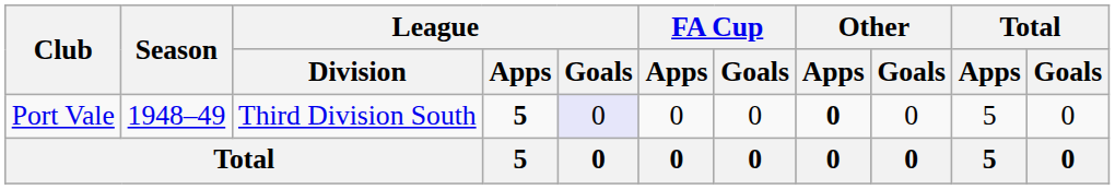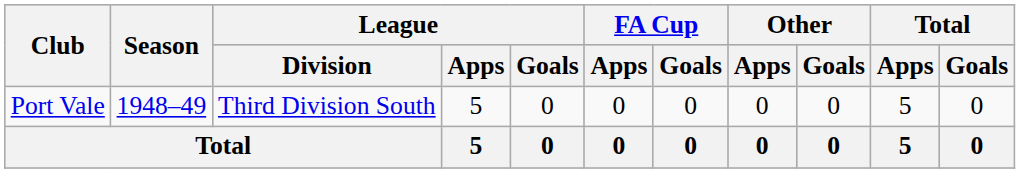 <table class="wikitable" style="text-align:center">
 <tr>
 <th rowspan="2">Club</th>
 <th rowspan="2">Season</th>
 <th colspan="3">League</th>
 <th colspan="2"><a href='#'>FA Cup</a></th>
 <th colspan="2">Other</th>
 <th colspan="2">Total</th>
 </tr>
 <tr>
 <th>Division</th>
 <th>Apps</th>
 <th>Goals</th>
 <th>Apps</th>
 <th>Goals</th>
 <th>Apps</th>
 <th>Goals</th>
 <th>Apps</th>
 <th>Goals</th>
 </tr>
 <tr>
 <td><a href='#'>Port Vale</a></td>
 <td><a href='#'>1948–49</a></td>
 <td><a href='#'>Third Division South</a></td>
-<td><strong>5</strong></td>
-<td style="background: lavender;">0</td>
+<td>5</td>
 <td>0</td>
 <td>0</td>
-<td><strong>0</strong></td>
+<td>0</td>
+<td>0</td>
 <td>0</td>
 <td>5</td>
 <td>0</td>
 </tr>
 <tr>
 <th colspan="3">Total</th>
 <th>5</th>
 <th>0</th>
 <th>0</th>
 <th>0</th>
 <th>0</th>
 <th>0</th>
 <th>5</th>
 <th>0</th>
 </tr>
 </table>
